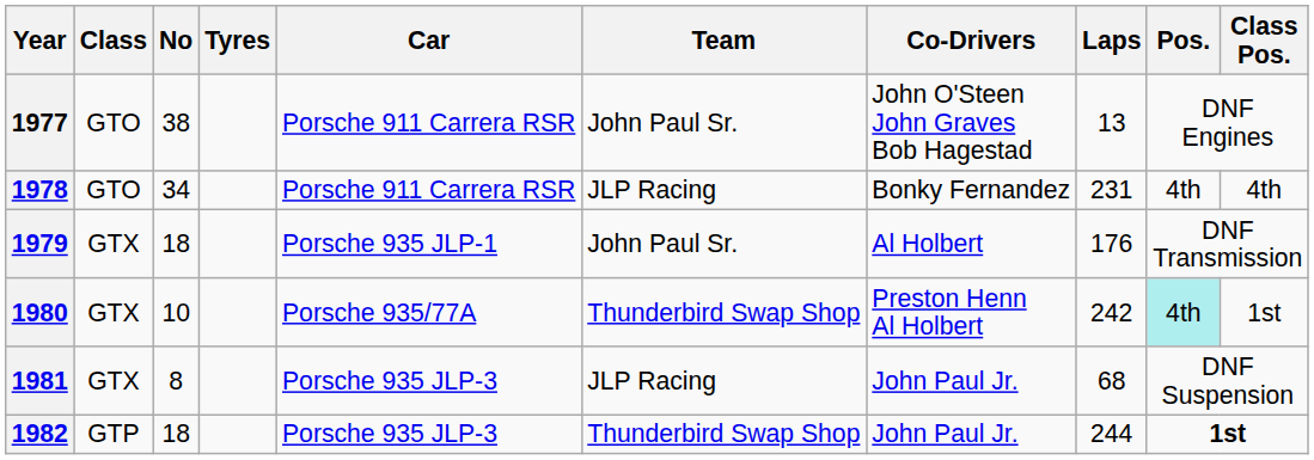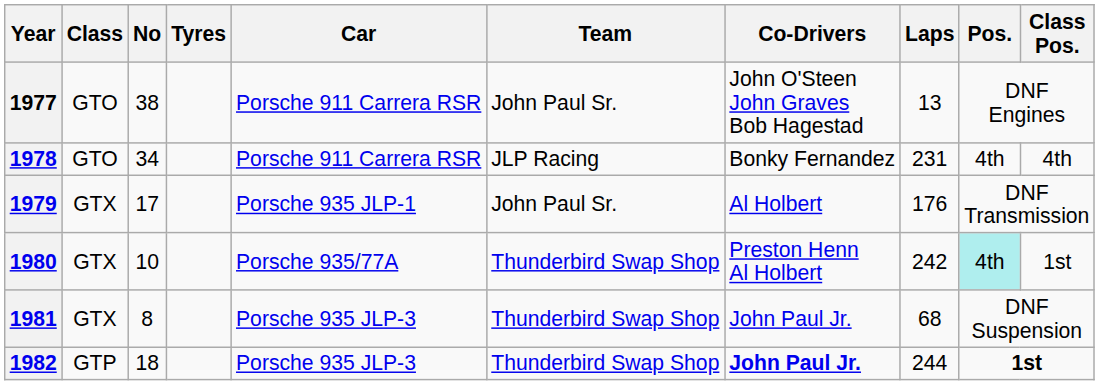 <table class="wikitable" style="text-align:center; font-size:90%">
 <tr>
 <th>Year</th>
 <th>Class</th>
 <th>No</th>
 <th>Tyres</th>
 <th>Car</th>
 <th>Team</th>
 <th>Co-Drivers</th>
 <th>Laps</th>
 <th>Pos.</th>
 <th>Class<br>Pos.</th>
 </tr>
 <tr>
 <th>1977</th>
 <td>GTO</td>
 <td>38</td>
 <td></td>
 <td style="text-align:left;"><a href='#'>Porsche 911 Carrera RSR</a></td>
 <td align="left"> John Paul Sr.</td>
 <td align="left"> John O'Steen<br> <a href='#'>John Graves</a><br> Bob Hagestad</td>
 <td>13</td>
 <td colspan=2>DNF <br>Engines</td>
 </tr>
 <tr>
 <th><a href='#'>1978</a></th>
 <td>GTO</td>
 <td>34</td>
 <td></td>
 <td style="text-align:left;"><a href='#'>Porsche 911 Carrera RSR</a></td>
 <td align="left">  JLP Racing</td>
 <td align="left"> Bonky Fernandez</td>
 <td>231</td>
 <td>4th</td>
 <td>4th</td>
 </tr>
 <tr>
 <th><a href='#'>1979</a></th>
 <td>GTX</td>
-<td>18</td>
+<td>17</td>
 <td></td>
 <td style="text-align:left;"><a href='#'>Porsche 935 JLP-1</a></td>
 <td align="left"> John Paul Sr.</td>
 <td align="left"> <a href='#'>Al Holbert</a></td>
 <td>176</td>
 <td colspan=2>DNF<br>Transmission</td>
 </tr>
 <tr>
 <th><a href='#'>1980</a></th>
 <td>GTX</td>
 <td>10</td>
 <td></td>
 <td style="text-align:left;"><a href='#'>Porsche 935/77A</a></td>
 <td align="left"> <a href='#'>Thunderbird Swap Shop</a></td>
 <td align="left"> <a href='#'>Preston Henn</a><br> <a href='#'>Al Holbert</a></td>
 <td>242</td>
 <td style="background: paleturquoise;">4th</td>
 <td>1st</td>
 </tr>
 <tr>
 <th><a href='#'>1981</a></th>
 <td>GTX</td>
 <td>8</td>
 <td></td>
 <td style="text-align:left;"><a href='#'>Porsche 935 JLP-3</a></td>
-<td align="left"> JLP Racing</td>
+<td align="left"> <a href='#'>Thunderbird Swap Shop</a></td>
 <td align="left"> <a href='#'>John Paul Jr.</a></td>
 <td>68</td>
 <td colspan=2>DNF <br>Suspension</td>
 </tr>
 <tr>
 <th><a href='#'>1982</a></th>
 <td>GTP</td>
 <td>18</td>
 <td></td>
 <td style="text-align:left;"><a href='#'>Porsche 935 JLP-3</a></td>
 <td align="left"> <a href='#'>Thunderbird Swap Shop</a></td>
-<td align="left"> <a href='#'>John Paul Jr.</a></td>
+<td align="left"><strong> <a href='#'>John Paul Jr.</a></strong></td>
 <td>244</td>
 <td colspan=2><strong>1st</strong></td>
 </tr>
 </table>
